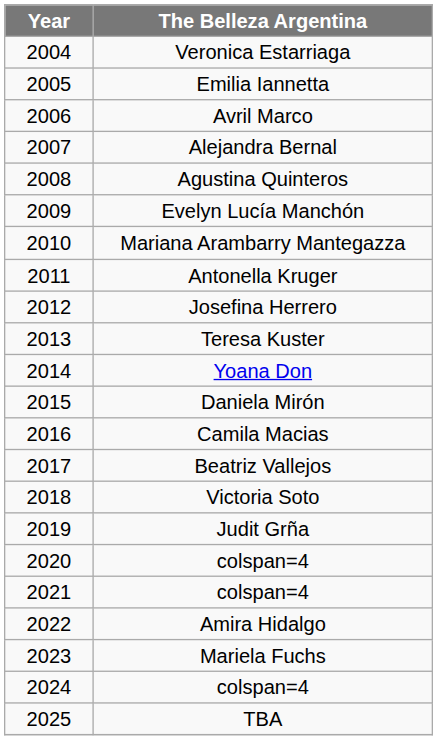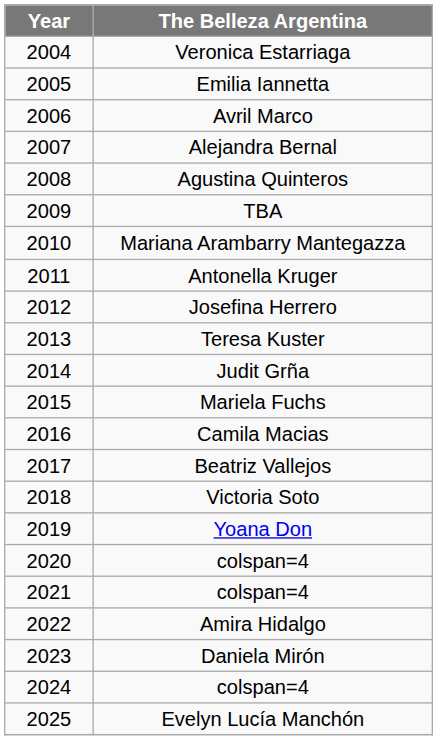 <table class="wikitable sortable" style="font-size: 95%; text-align:center">
 <tr>
 <th width="60" style="background-color:#787878;color:#FFFFFF;">Year</th>
 <th width="250" style="background-color:#787878;color:#FFFFFF;">The Belleza Argentina</th>
 </tr>
 <tr>
 <td>2004</td>
 <td>Veronica Estarriaga</td>
 </tr>
 <tr>
 <td>2005</td>
 <td>Emilia Iannetta</td>
 </tr>
 <tr>
 <td>2006</td>
 <td>Avril Marco</td>
 </tr>
 <tr>
 <td>2007</td>
 <td>Alejandra Bernal</td>
 </tr>
 <tr>
 <td>2008</td>
 <td>Agustina Quinteros</td>
 </tr>
 <tr>
 <td>2009</td>
-<td>Evelyn Lucía Manchón</td>
+<td>TBA</td>
 </tr>
 <tr>
 <td>2010</td>
 <td>Mariana Arambarry Mantegazza</td>
 </tr>
 <tr>
 <td>2011</td>
 <td>Antonella Kruger</td>
 </tr>
 <tr>
 <td>2012</td>
 <td>Josefina Herrero</td>
 </tr>
 <tr>
 <td>2013</td>
 <td>Teresa Kuster</td>
 </tr>
 <tr>
 <td>2014</td>
-<td><a href='#'>Yoana Don</a></td>
+<td>Judit Grña</td>
 </tr>
 <tr>
 <td>2015</td>
-<td>Daniela Mirón</td>
+<td>Mariela Fuchs</td>
 </tr>
 <tr>
 <td>2016</td>
 <td>Camila Macias</td>
 </tr>
 <tr>
 <td>2017</td>
 <td>Beatriz Vallejos</td>
 </tr>
 <tr>
 <td>2018</td>
 <td>Victoria Soto</td>
 </tr>
 <tr>
 <td>2019</td>
-<td>Judit Grña</td>
+<td><a href='#'>Yoana Don</a></td>
 </tr>
 <tr>
 <td>2020</td>
 <td>colspan=4 </td>
 </tr>
 <tr>
 <td>2021</td>
 <td>colspan=4 </td>
 </tr>
 <tr>
 <td>2022</td>
 <td>Amira Hidalgo</td>
 </tr>
 <tr>
 <td>2023</td>
-<td>Mariela Fuchs</td>
+<td>Daniela Mirón</td>
 </tr>
 <tr>
 <td>2024</td>
 <td>colspan=4 </td>
 </tr>
 <tr>
 <td>2025</td>
-<td>TBA</td>
+<td>Evelyn Lucía Manchón</td>
 </tr>
 <tr>
 </tr>
 </table>
